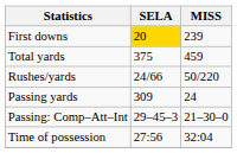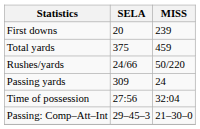 <table class="wikitable" style="float: left;">
 <tr>
 <th>Statistics</th>
 <th>SELA</th>
 <th>MISS</th>
 </tr>
 <tr>
 <td>First downs</td>
-<td style="background: gold;">20</td>
+<td>20</td>
 <td>239</td>
 </tr>
 <tr>
 <td>Total yards</td>
 <td>375</td>
 <td>459</td>
 </tr>
 <tr>
 <td>Rushes/yards</td>
 <td>24/66</td>
 <td>50/220</td>
 </tr>
 <tr>
 <td>Passing yards</td>
 <td>309</td>
 <td>24</td>
 </tr>
 <tr>
+<td>Time of possession</td>
+<td>27:56</td>
+<td>32:04</td>
+</tr>
+<tr>
 <td>Passing: Comp–Att–Int</td>
 <td>29–45–3</td>
 <td>21–30–0</td>
 </tr>
 <tr>
-<td>Time of possession</td>
-<td>27:56</td>
-<td>32:04</td>
-</tr>
-<tr>
 </tr>
 </table>
